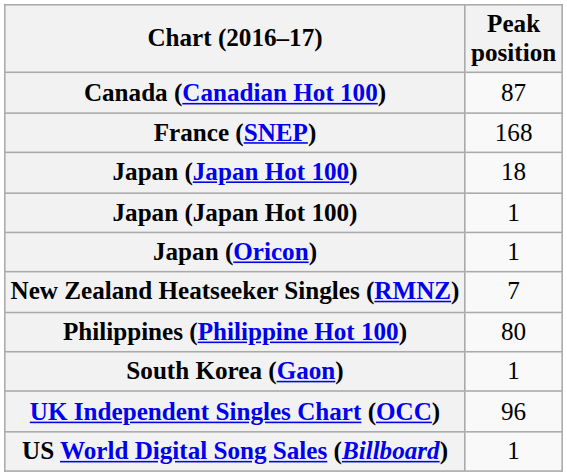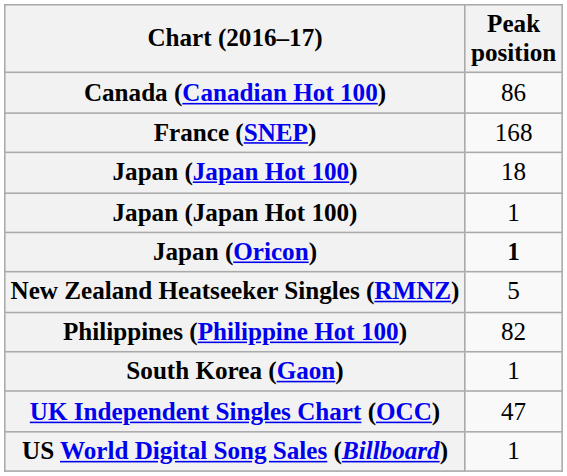 <table class="wikitable sortable plainrowheaders" style="text-align:center">
 <tr>
 <th scope="col">Chart (2016–17)</th>
 <th scope="col">Peak<br> position</th>
 </tr>
 <tr>
 <th scope="row">Canada (<a href='#'>Canadian Hot 100</a>)</th>
-<td>87</td>
+<td>86</td>
 </tr>
 <tr>
 <th scope="row">France (<a href='#'>SNEP</a>)</th>
 <td>168</td>
 </tr>
 <tr>
 <th scope="row">Japan (<a href='#'>Japan Hot 100</a>)</th>
 <td>18</td>
 </tr>
 <tr>
 <th scope="row">Japan (Japan Hot 100)<br></th>
 <td>1</td>
 </tr>
 <tr>
 <th scope="row">Japan (<a href='#'>Oricon</a>)<br></th>
-<td>1</td>
+<td><strong>1</strong></td>
 </tr>
 <tr>
 <th scope="row">New Zealand Heatseeker Singles (<a href='#'>RMNZ</a>)</th>
-<td>7</td>
+<td>5</td>
 </tr>
 <tr>
 <th scope="row">Philippines (<a href='#'>Philippine Hot 100</a>)</th>
-<td>80</td>
+<td>82</td>
 </tr>
 <tr>
 <th scope="row">South Korea (<a href='#'>Gaon</a>)</th>
 <td>1</td>
 </tr>
 <tr>
 <th scope="row"><a href='#'>UK Independent Singles Chart</a> (<a href='#'>OCC</a>)</th>
-<td>96</td>
+<td>47</td>
 </tr>
 <tr>
 <th scope="row">US <a href='#'>World Digital Song Sales</a> (<em><a href='#'>Billboard</a></em>)</th>
 <td>1</td>
 </tr>
 </table>
